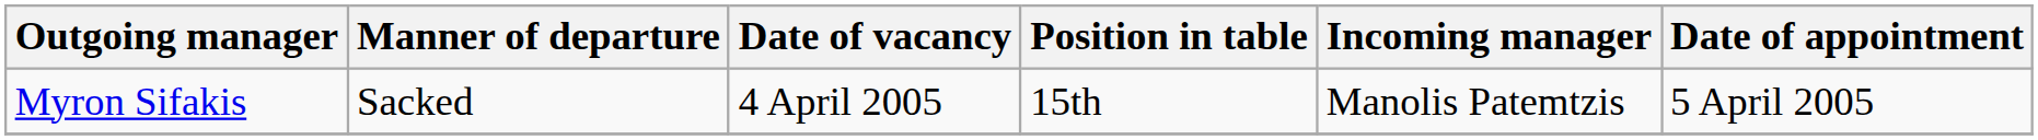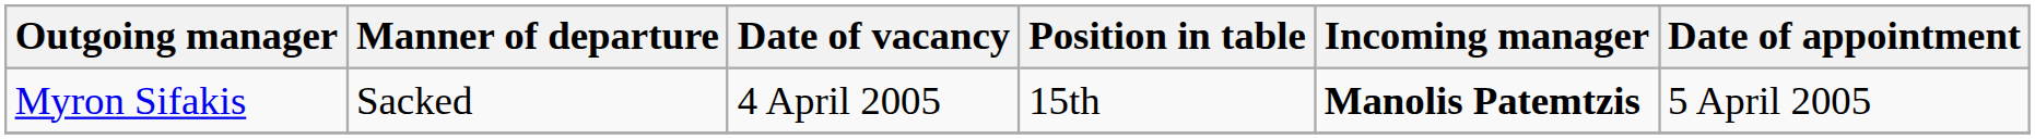 <table class="wikitable">
 <tr>
 <th>Outgoing manager</th>
 <th>Manner of departure</th>
 <th>Date of vacancy</th>
 <th>Position in table</th>
 <th>Incoming manager</th>
 <th>Date of appointment</th>
 </tr>
 <tr>
 <td> <a href='#'>Myron Sifakis</a></td>
 <td>Sacked</td>
 <td>4 April 2005</td>
 <td>15th</td>
-<td> Manolis Patemtzis</td>
+<td><strong> Manolis Patemtzis</strong></td>
 <td>5 April 2005</td>
 </tr>
 <tr>
 </tr>
 </table>
